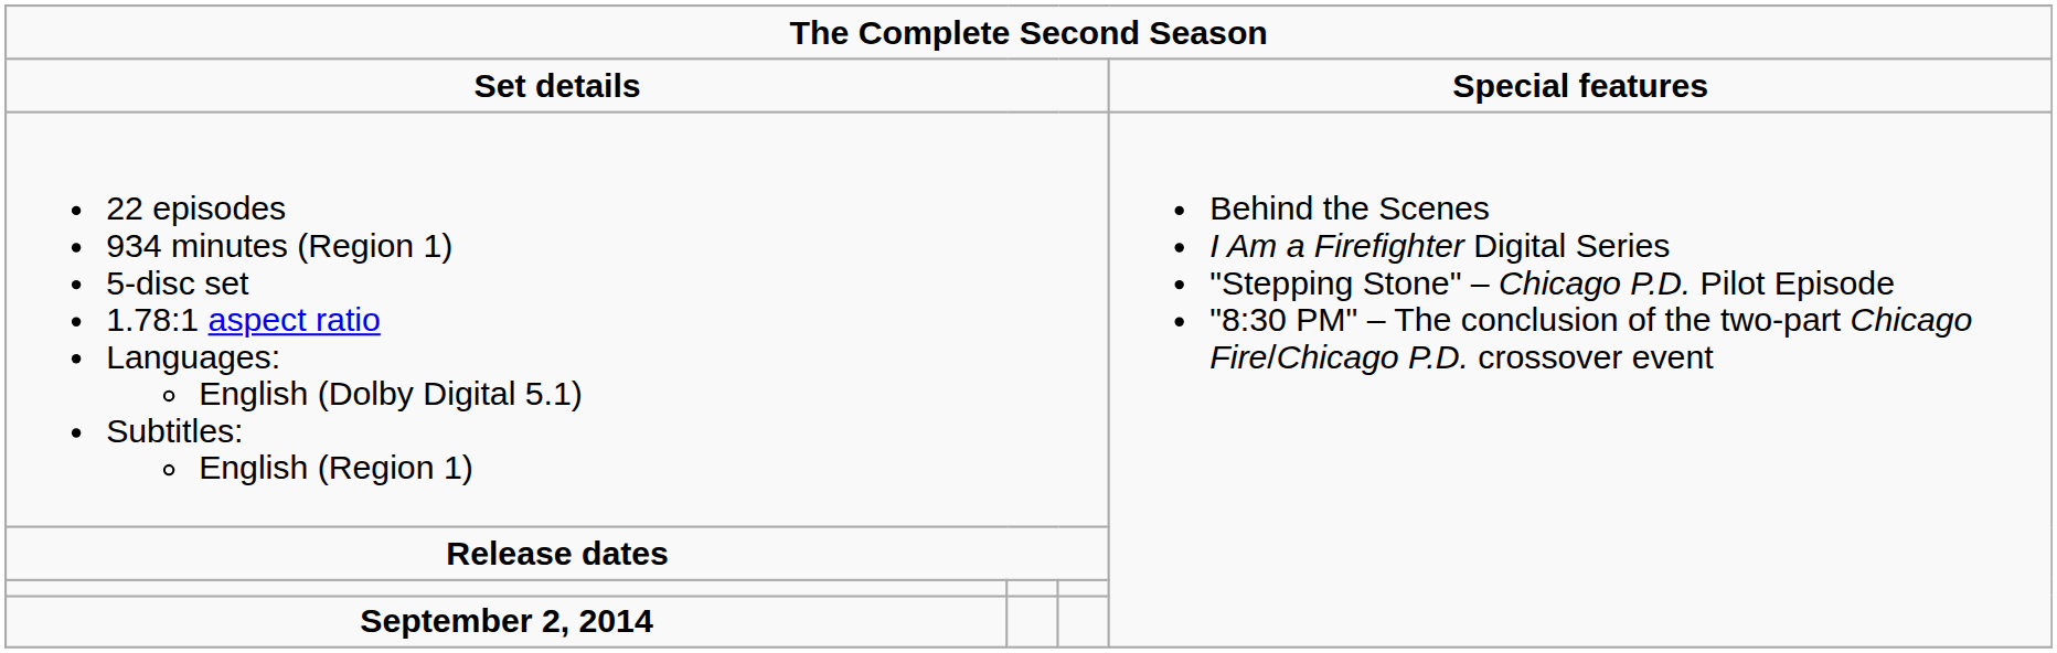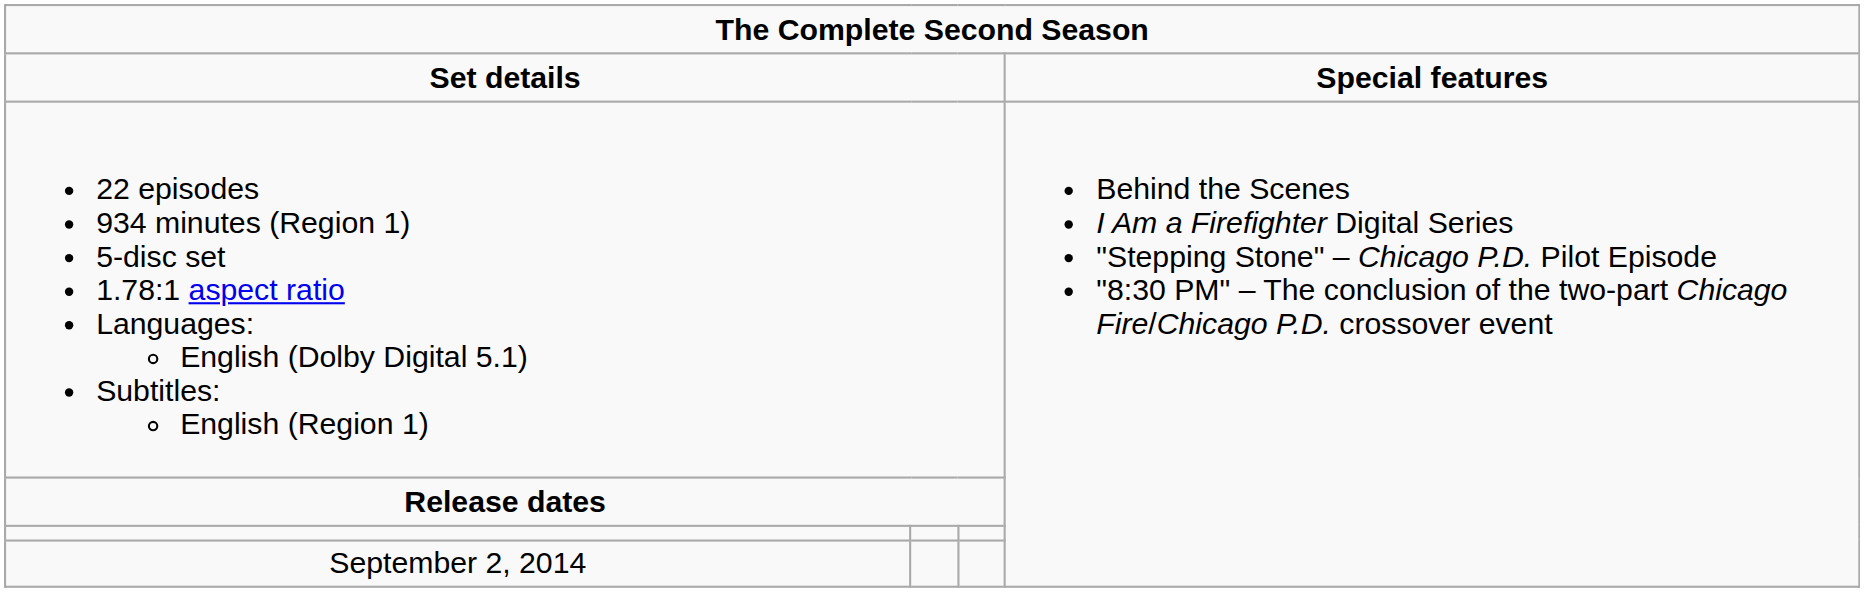 <table class="wikitable plainrowheaders" style="font-size:90%; text-align:center; width: 100%; margin-left: auto; margin-right: auto;">
 <tr>
 <td colspan="6"><strong>The Complete Second Season</strong></td>
 </tr>
 <tr>
 <td align="center" width="300" colspan="3"><strong>Set details</strong></td>
 <td width="400" align="center"><strong>Special features</strong></td>
 </tr>
 <tr valign="top">
 <td colspan="3" align="left" width="300"><br><ul><li>22 episodes</li><li>934 minutes (Region 1)</li><li>5-disc set</li><li>1.78:1 <a href='#'>aspect ratio</a></li><li>Languages:<ul><li>English (Dolby Digital 5.1)</li></ul></li><li>Subtitles:<ul><li>English (Region 1)</li></ul></li></ul></td>
 <td rowspan="4" align="left" width="400"><br><ul><li>Behind the Scenes</li><li><em>I Am a Firefighter</em> Digital Series</li><li>"Stepping Stone" – <em>Chicago P.D.</em> Pilot Episode</li><li>"8:30 PM" – The conclusion of the two-part <em>Chicago Fire</em>/<em>Chicago P.D.</em> crossover event</li></ul></td>
 </tr>
 <tr>
 <td colspan="3" align="center"><strong>Release dates</strong></td>
 </tr>
 <tr>
 <td align="center"></td>
 <td align="center"></td>
 <td align="center"></td>
 </tr>
 <tr>
-<td align="center"><strong>September 2, 2014</strong></td>
+<td align="center">September 2, 2014</td>
 <td align="center"></td>
 <td align="center"></td>
 </tr>
 </table>
